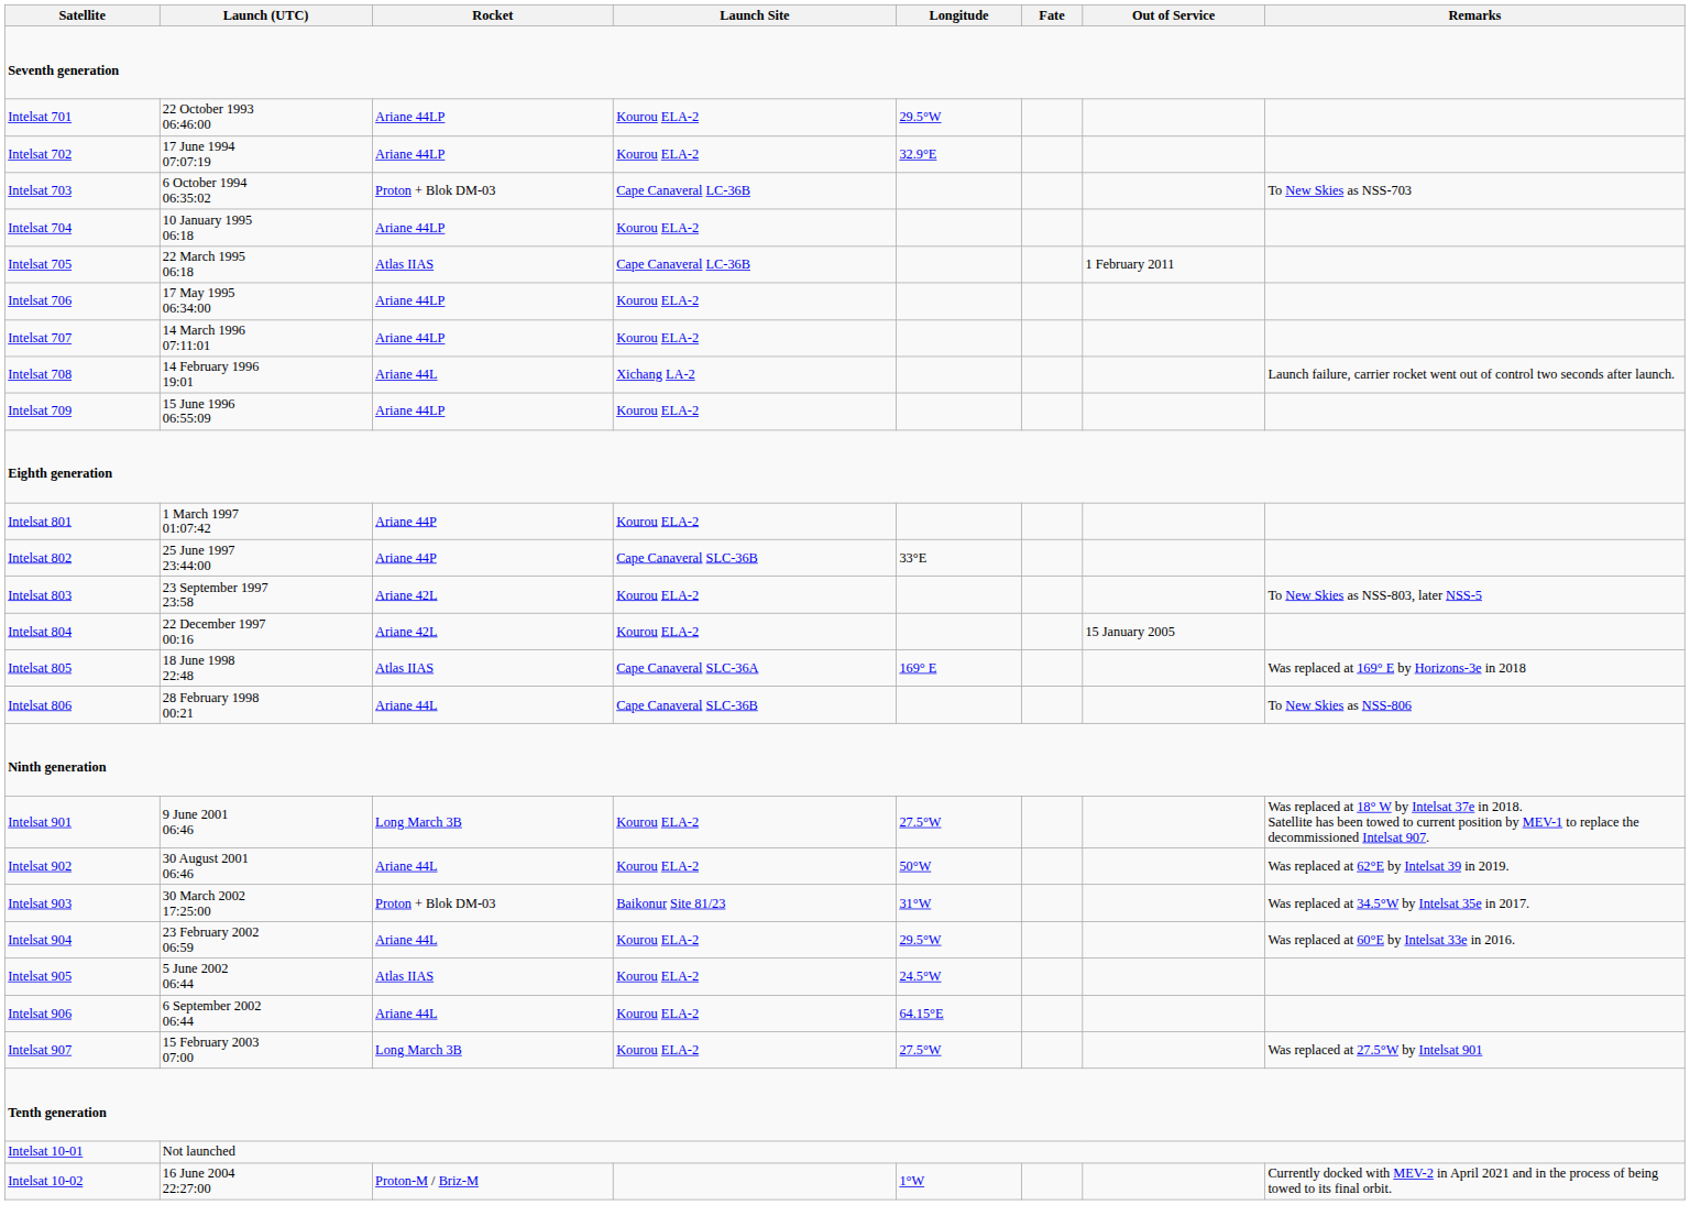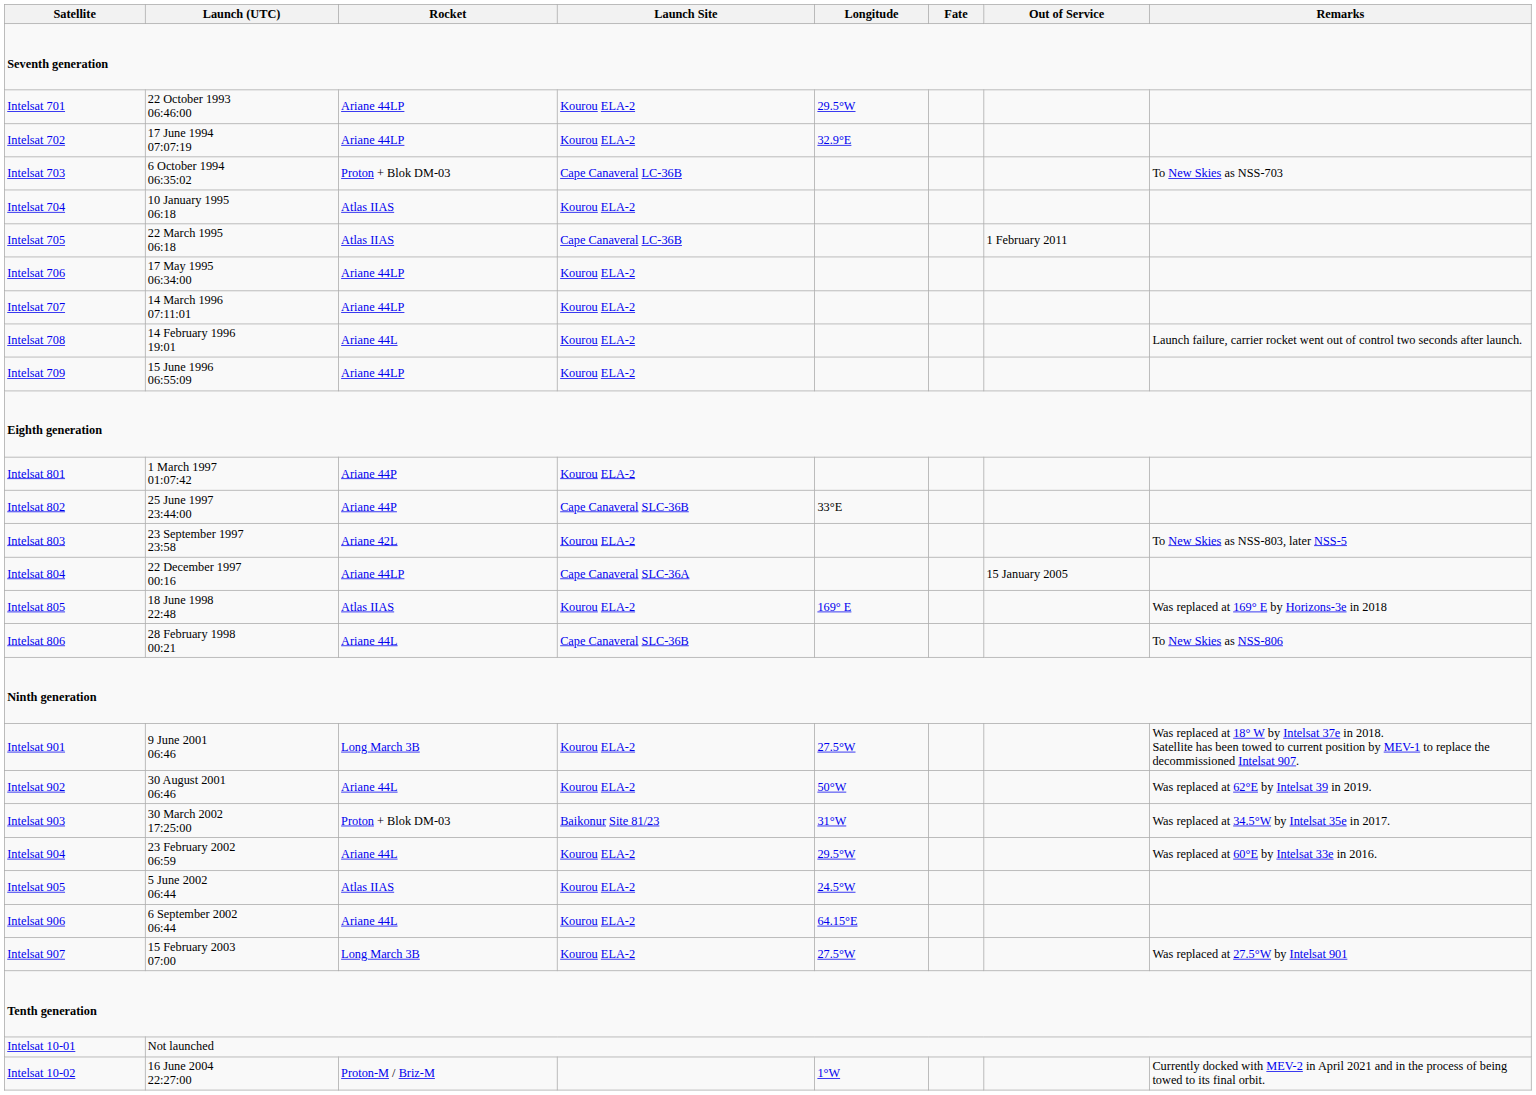 <table class = "wikitable" width="100%">
 <tr>
 <th>Satellite</th>
 <th>Launch (UTC)</th>
 <th>Rocket</th>
 <th>Launch Site</th>
 <th>Longitude</th>
 <th>Fate</th>
 <th>Out of Service</th>
 <th width="25%">Remarks</th>
 </tr>
 <tr>
 <td colspan=8><br><h4>Seventh generation</h4></td>
 </tr>
 <tr>
 <td><a href='#'>Intelsat 701</a></td>
 <td>22 October 1993<br>06:46:00</td>
 <td><a href='#'>Ariane 44LP</a></td>
 <td><a href='#'>Kourou</a> <a href='#'>ELA-2</a></td>
 <td><a href='#'>29.5°W</a></td>
 <td></td>
 <td></td>
 <td></td>
 </tr>
 <tr>
 <td><a href='#'>Intelsat 702</a></td>
 <td>17 June 1994<br>07:07:19</td>
 <td><a href='#'>Ariane 44LP</a></td>
 <td><a href='#'>Kourou</a> <a href='#'>ELA-2</a></td>
 <td><a href='#'>32.9°E</a></td>
 <td></td>
 <td></td>
 <td></td>
 </tr>
 <tr>
 <td><a href='#'>Intelsat 703</a></td>
 <td>6 October 1994<br>06:35:02</td>
 <td><a href='#'>Proton</a> +  Blok DM-03</td>
 <td><a href='#'>Cape Canaveral</a> <a href='#'>LC-36B</a></td>
 <td></td>
 <td></td>
 <td></td>
 <td>To <a href='#'>New Skies</a> as NSS-703</td>
 </tr>
 <tr>
 <td><a href='#'>Intelsat 704</a></td>
 <td>10 January 1995<br>06:18</td>
-<td><a href='#'>Ariane 44LP</a></td>
+<td><a href='#'>Atlas IIAS</a></td>
 <td><a href='#'>Kourou</a> <a href='#'>ELA-2</a></td>
 <td></td>
 <td></td>
 <td></td>
 <td></td>
 </tr>
 <tr>
 <td><a href='#'>Intelsat 705</a></td>
 <td>22 March 1995<br>06:18</td>
 <td><a href='#'>Atlas IIAS</a></td>
 <td><a href='#'>Cape Canaveral</a> <a href='#'>LC-36B</a></td>
 <td></td>
 <td></td>
 <td>1 February 2011</td>
 <td></td>
 </tr>
 <tr>
 <td><a href='#'>Intelsat 706</a></td>
 <td>17 May 1995<br>06:34:00</td>
 <td><a href='#'>Ariane 44LP</a></td>
 <td><a href='#'>Kourou</a> <a href='#'>ELA-2</a></td>
 <td></td>
 <td></td>
 <td></td>
 <td></td>
 </tr>
 <tr>
 <td><a href='#'>Intelsat 707</a></td>
 <td>14 March 1996<br>07:11:01</td>
 <td><a href='#'>Ariane 44LP</a></td>
 <td><a href='#'>Kourou</a> <a href='#'>ELA-2</a></td>
 <td></td>
 <td></td>
 <td></td>
 <td></td>
 </tr>
 <tr>
 <td><a href='#'>Intelsat 708</a></td>
 <td>14 February 1996<br>19:01</td>
 <td><a href='#'>Ariane 44L</a></td>
-<td><a href='#'>Xichang</a> <a href='#'>LA-2</a></td>
+<td><a href='#'>Kourou</a> <a href='#'>ELA-2</a></td>
 <td></td>
 <td></td>
 <td></td>
 <td>Launch failure, carrier rocket went out of control two seconds after launch.</td>
 </tr>
 <tr>
 <td><a href='#'>Intelsat 709</a></td>
 <td>15 June 1996<br>06:55:09</td>
 <td><a href='#'>Ariane 44LP</a></td>
 <td><a href='#'>Kourou</a> <a href='#'>ELA-2</a></td>
 <td></td>
 <td></td>
 <td></td>
 <td></td>
 </tr>
 <tr>
 <td colspan=8><br><h4>Eighth generation</h4></td>
 </tr>
 <tr>
 <td><a href='#'>Intelsat 801</a></td>
 <td>1 March 1997<br>01:07:42</td>
 <td><a href='#'>Ariane 44P</a></td>
 <td><a href='#'>Kourou</a> <a href='#'>ELA-2</a></td>
 <td></td>
 <td></td>
 <td></td>
 <td></td>
 </tr>
 <tr>
 <td><a href='#'>Intelsat 802</a></td>
 <td>25 June 1997<br>23:44:00</td>
 <td><a href='#'>Ariane 44P</a></td>
 <td><a href='#'>Cape Canaveral</a> <a href='#'>SLC-36B</a></td>
 <td>33°E</td>
 <td></td>
 <td></td>
 <td></td>
 </tr>
 <tr>
 <td><a href='#'>Intelsat 803</a></td>
 <td>23 September 1997<br>23:58</td>
 <td><a href='#'>Ariane 42L</a></td>
 <td><a href='#'>Kourou</a> <a href='#'>ELA-2</a></td>
 <td></td>
 <td></td>
 <td></td>
 <td>To <a href='#'>New Skies</a> as NSS-803, later <a href='#'>NSS-5</a></td>
 </tr>
 <tr>
 <td><a href='#'>Intelsat 804</a></td>
 <td>22 December 1997<br>00:16</td>
-<td><a href='#'>Ariane 42L</a></td>
-<td><a href='#'>Kourou</a> <a href='#'>ELA-2</a></td>
+<td><a href='#'>Ariane 44LP</a></td>
+<td><a href='#'>Cape Canaveral</a> <a href='#'>SLC-36A</a></td>
 <td></td>
 <td></td>
 <td>15 January 2005</td>
 <td></td>
 </tr>
 <tr>
 <td><a href='#'>Intelsat 805</a></td>
 <td>18 June 1998<br>22:48</td>
 <td><a href='#'>Atlas IIAS</a></td>
-<td><a href='#'>Cape Canaveral</a> <a href='#'>SLC-36A</a></td>
+<td><a href='#'>Kourou</a> <a href='#'>ELA-2</a></td>
 <td><a href='#'>169° E</a></td>
 <td></td>
 <td></td>
 <td>Was replaced at <a href='#'>169° E</a> by <a href='#'>Horizons-3e</a> in 2018 </td>
 </tr>
 <tr>
 <td><a href='#'>Intelsat 806</a></td>
 <td>28 February 1998<br>00:21</td>
 <td><a href='#'>Ariane 44L</a></td>
 <td><a href='#'>Cape Canaveral</a> <a href='#'>SLC-36B</a></td>
 <td></td>
 <td></td>
 <td></td>
 <td>To <a href='#'>New Skies</a> as <a href='#'>NSS-806</a></td>
 </tr>
 <tr>
 <td colspan=8><br><h4>Ninth generation</h4></td>
 </tr>
 <tr>
 <td><a href='#'>Intelsat 901</a></td>
 <td>9 June 2001<br>06:46</td>
 <td><a href='#'>Long March 3B</a></td>
 <td><a href='#'>Kourou</a> <a href='#'>ELA-2</a></td>
 <td><a href='#'>27.5°W</a></td>
 <td></td>
 <td></td>
 <td>Was replaced at <a href='#'>18° W</a> by <a href='#'>Intelsat 37e</a> in 2018.<br>Satellite has been towed to current position by <a href='#'>MEV-1</a> to replace the decommissioned <a href='#'>Intelsat 907</a>.</td>
 </tr>
 <tr>
 <td><a href='#'>Intelsat 902</a></td>
 <td>30 August 2001<br>06:46</td>
 <td><a href='#'>Ariane 44L</a></td>
 <td><a href='#'>Kourou</a> <a href='#'>ELA-2</a></td>
 <td><a href='#'>50°W</a></td>
 <td></td>
 <td></td>
 <td>Was replaced at <a href='#'>62°E</a> by <a href='#'>Intelsat 39</a> in 2019.</td>
 </tr>
 <tr>
 <td><a href='#'>Intelsat 903</a></td>
 <td>30 March 2002<br>17:25:00</td>
 <td><a href='#'>Proton</a> +  Blok DM-03</td>
 <td><a href='#'>Baikonur</a> <a href='#'>Site 81/23</a></td>
 <td><a href='#'>31°W</a></td>
 <td></td>
 <td></td>
 <td>Was replaced at <a href='#'>34.5°W</a> by <a href='#'>Intelsat 35e</a> in 2017.</td>
 </tr>
 <tr>
 <td><a href='#'>Intelsat 904</a></td>
 <td>23 February 2002<br>06:59</td>
 <td><a href='#'>Ariane 44L</a></td>
 <td><a href='#'>Kourou</a> <a href='#'>ELA-2</a></td>
 <td><a href='#'>29.5°W</a></td>
 <td></td>
 <td></td>
 <td>Was replaced at <a href='#'>60°E</a> by <a href='#'>Intelsat 33e</a> in 2016.</td>
 </tr>
 <tr>
 <td><a href='#'>Intelsat 905</a></td>
 <td>5 June 2002<br>06:44</td>
 <td><a href='#'>Atlas IIAS</a></td>
 <td><a href='#'>Kourou</a> <a href='#'>ELA-2</a></td>
 <td><a href='#'>24.5°W</a></td>
 <td></td>
 <td></td>
 <td></td>
 </tr>
 <tr>
 <td><a href='#'>Intelsat 906</a></td>
 <td>6 September 2002<br>06:44</td>
 <td><a href='#'>Ariane 44L</a></td>
 <td><a href='#'>Kourou</a> <a href='#'>ELA-2</a></td>
 <td><a href='#'>64.15°E</a></td>
 <td></td>
 <td></td>
 <td></td>
 </tr>
 <tr>
 <td><a href='#'>Intelsat 907</a></td>
 <td>15 February 2003<br>07:00</td>
 <td><a href='#'>Long March 3B</a></td>
 <td><a href='#'>Kourou</a> <a href='#'>ELA-2</a></td>
 <td><a href='#'>27.5°W</a></td>
 <td></td>
 <td></td>
 <td>Was replaced at <a href='#'>27.5°W</a> by <a href='#'>Intelsat 901</a></td>
 </tr>
 <tr>
 <td colspan=8><br><h4>Tenth generation</h4></td>
 </tr>
 <tr>
 <td><a href='#'>Intelsat 10-01</a></td>
 <td colspan=7>Not launched</td>
 </tr>
 <tr>
 <td><a href='#'>Intelsat 10-02</a></td>
 <td>16 June 2004<br>22:27:00</td>
 <td><a href='#'>Proton-M</a> / <a href='#'>Briz-M</a></td>
 <td></td>
 <td><a href='#'>1°W</a></td>
 <td></td>
 <td></td>
 <td>Currently docked with <a href='#'>MEV-2</a> in April 2021 and in the process of being towed to its final orbit.</td>
 </tr>
 </table>
